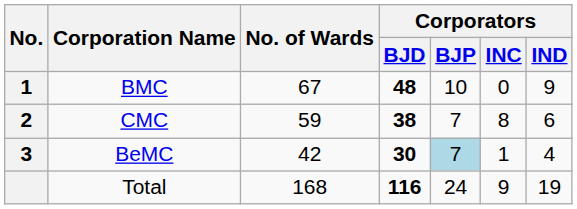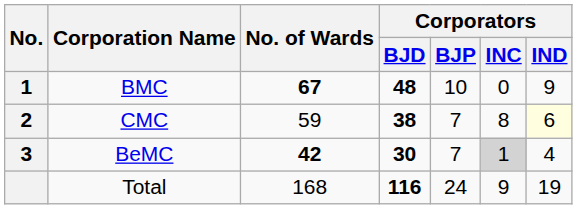 <table class="wikitable sortable" style="text-align:center">
 <tr>
 <th rowspan="2">No.</th>
 <th rowspan="2">Corporation Name</th>
 <th rowspan="2">No. of Wards</th>
 <th colspan="4">Corporators</th>
 </tr>
 <tr>
 <th><a href='#'>BJD</a></th>
 <th><a href='#'>BJP</a></th>
 <th><a href='#'>INC</a></th>
 <th><a href='#'>IND</a></th>
 </tr>
 <tr>
 <th>1</th>
 <td><a href='#'>BMC</a></td>
-<td>67</td>
+<td><strong>67</strong></td>
 <td><strong>48</strong></td>
 <td>10</td>
 <td>0</td>
 <td>9</td>
 </tr>
 <tr>
 <th>2</th>
 <td><a href='#'>CMC</a></td>
 <td>59</td>
 <td><strong>38</strong></td>
 <td>7</td>
 <td>8</td>
-<td>6</td>
+<td style="background: lightyellow;">6</td>
 </tr>
 <tr>
 <th>3</th>
 <td><a href='#'>BeMC</a></td>
-<td>42</td>
+<td><strong>42</strong></td>
 <td><strong>30</strong></td>
-<td style="background: lightblue;">7</td>
-<td>1</td>
+<td>7</td>
+<td style="background: lightgrey;">1</td>
 <td>4</td>
 </tr>
 <tr>
 <th></th>
 <td>Total</td>
 <td>168</td>
 <td><strong>116</strong></td>
 <td>24</td>
 <td>9</td>
 <td>19</td>
 </tr>
 </table>
